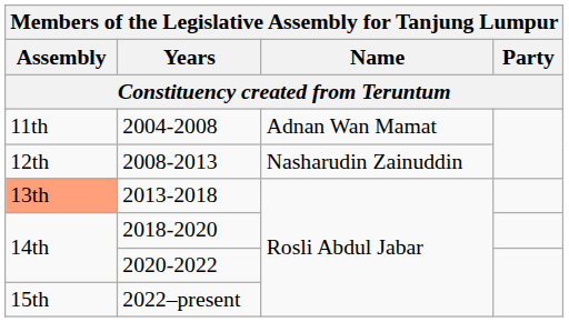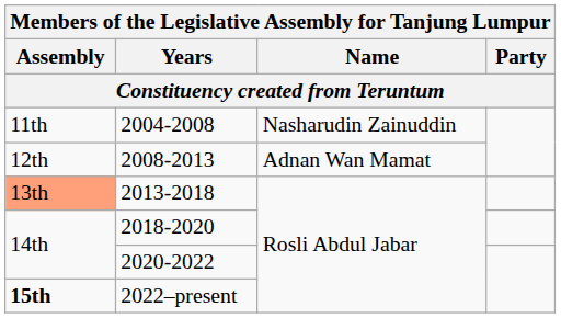 <table class="wikitable">
 <tr>
 <th colspan="4">Members of the Legislative Assembly for Tanjung Lumpur</th>
 </tr>
 <tr>
 <th>Assembly</th>
 <th>Years</th>
 <th>Name</th>
 <th>Party</th>
 </tr>
 <tr>
 <th colspan="4"><em>Constituency created from Teruntum</em></th>
 </tr>
 <tr>
 <td>11th</td>
 <td>2004-2008</td>
-<td>Adnan Wan Mamat</td>
+<td>Nasharudin Zainuddin</td>
 <td rowspan="2"></td>
 </tr>
 <tr>
 <td>12th</td>
 <td>2008-2013</td>
-<td>Nasharudin Zainuddin</td>
+<td>Adnan Wan Mamat</td>
 </tr>
 <tr>
 <td style="background: lightsalmon;">13th</td>
 <td>2013-2018</td>
 <td rowspan="4">Rosli Abdul Jabar</td>
 <td></td>
 </tr>
 <tr>
 <td rowspan="2">14th</td>
 <td>2018-2020</td>
 <td></td>
 </tr>
 <tr>
 <td>2020-2022</td>
 <td rowspan="2"></td>
 </tr>
 <tr>
-<td>15th</td>
+<td><strong>15th</strong></td>
 <td>2022–present</td>
 </tr>
 </table>
